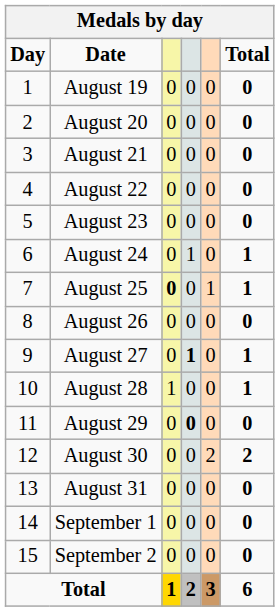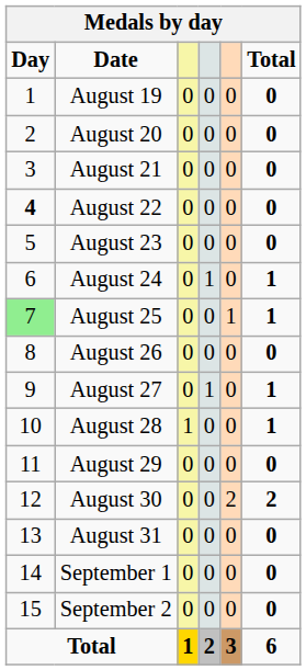 <table class=wikitable style="font-size:85%; float:right;text-align:center">
 <tr>
 <th colspan=7><strong>Medals by day</strong></th>
 </tr>
 <tr>
 <td><strong>Day</strong></td>
 <td><strong>Date</strong></td>
 <td bgcolor=F7F6A8></td>
 <td bgcolor=DCE5E5></td>
 <td bgcolor=FFDAB9></td>
 <td><strong>Total</strong></td>
 </tr>
 <tr>
 <td>1</td>
 <td>August 19</td>
 <td bgcolor=F7F6A8>0</td>
 <td bgcolor=DCE5E5>0</td>
 <td bgcolor=FFDAB9>0</td>
 <td><strong>0</strong></td>
 </tr>
 <tr>
 <td>2</td>
 <td>August 20</td>
 <td bgcolor=F7F6A8>0</td>
 <td bgcolor=DCE5E5>0</td>
 <td bgcolor=FFDAB9>0</td>
 <td><strong>0</strong></td>
 </tr>
 <tr>
 <td>3</td>
 <td>August 21</td>
 <td bgcolor=F7F6A8>0</td>
 <td bgcolor=DCE5E5>0</td>
 <td bgcolor=FFDAB9>0</td>
 <td><strong>0</strong></td>
 </tr>
 <tr>
-<td>4</td>
+<td><strong>4</strong></td>
 <td>August 22</td>
 <td bgcolor=F7F6A8>0</td>
 <td bgcolor=DCE5E5>0</td>
 <td bgcolor=FFDAB9>0</td>
 <td><strong>0</strong></td>
 </tr>
 <tr>
 <td>5</td>
 <td>August 23</td>
 <td bgcolor=F7F6A8>0</td>
 <td bgcolor=DCE5E5>0</td>
 <td bgcolor=FFDAB9>0</td>
 <td><strong>0</strong></td>
 </tr>
 <tr>
 <td>6</td>
 <td>August 24</td>
 <td bgcolor=F7F6A8>0</td>
 <td bgcolor=DCE5E5>1</td>
 <td bgcolor=FFDAB9>0</td>
 <td><strong>1</strong></td>
 </tr>
 <tr>
-<td>7</td>
+<td style="background: lightgreen;">7</td>
 <td>August 25</td>
-<td bgcolor=F7F6A8><strong>0</strong></td>
+<td bgcolor=F7F6A8>0</td>
 <td bgcolor=DCE5E5>0</td>
 <td bgcolor=FFDAB9>1</td>
 <td><strong>1</strong></td>
 </tr>
 <tr>
 <td>8</td>
 <td>August 26</td>
 <td bgcolor=F7F6A8>0</td>
 <td bgcolor=DCE5E5>0</td>
 <td bgcolor=FFDAB9>0</td>
 <td><strong>0</strong></td>
 </tr>
 <tr>
 <td>9</td>
 <td>August 27</td>
 <td bgcolor=F7F6A8>0</td>
-<td bgcolor=DCE5E5><strong>1</strong></td>
+<td bgcolor=DCE5E5>1</td>
 <td bgcolor=FFDAB9>0</td>
 <td><strong>1</strong></td>
 </tr>
 <tr>
 <td>10</td>
 <td>August 28</td>
 <td bgcolor=F7F6A8>1</td>
 <td bgcolor=DCE5E5>0</td>
 <td bgcolor=FFDAB9>0</td>
 <td><strong>1</strong></td>
 </tr>
 <tr>
 <td>11</td>
 <td>August 29</td>
 <td bgcolor=F7F6A8>0</td>
-<td bgcolor=DCE5E5><strong>0</strong></td>
+<td bgcolor=DCE5E5>0</td>
 <td bgcolor=FFDAB9>0</td>
 <td><strong>0</strong></td>
 </tr>
 <tr>
 <td>12</td>
 <td>August 30</td>
 <td bgcolor=F7F6A8>0</td>
 <td bgcolor=DCE5E5>0</td>
 <td bgcolor=FFDAB9>2</td>
 <td><strong>2</strong></td>
 </tr>
 <tr>
 <td>13</td>
 <td>August 31</td>
 <td bgcolor=F7F6A8>0</td>
 <td bgcolor=DCE5E5>0</td>
 <td bgcolor=FFDAB9>0</td>
 <td><strong>0</strong></td>
 </tr>
 <tr>
 <td>14</td>
 <td>September 1</td>
 <td bgcolor=F7F6A8>0</td>
 <td bgcolor=DCE5E5>0</td>
 <td bgcolor=FFDAB9>0</td>
 <td><strong>0</strong></td>
 </tr>
 <tr>
 <td>15</td>
 <td>September 2</td>
 <td bgcolor=F7F6A8>0</td>
 <td bgcolor=DCE5E5>0</td>
 <td bgcolor=FFDAB9>0</td>
 <td><strong>0</strong></td>
 </tr>
 <tr>
 <td colspan=2><strong>Total</strong></td>
 <td style="background:gold;"><strong>1</strong></td>
 <td style="background:silver;"><strong>2</strong></td>
 <td style="background:#c96;"><strong>3</strong></td>
 <td><strong>6</strong></td>
 </tr>
 </table>
